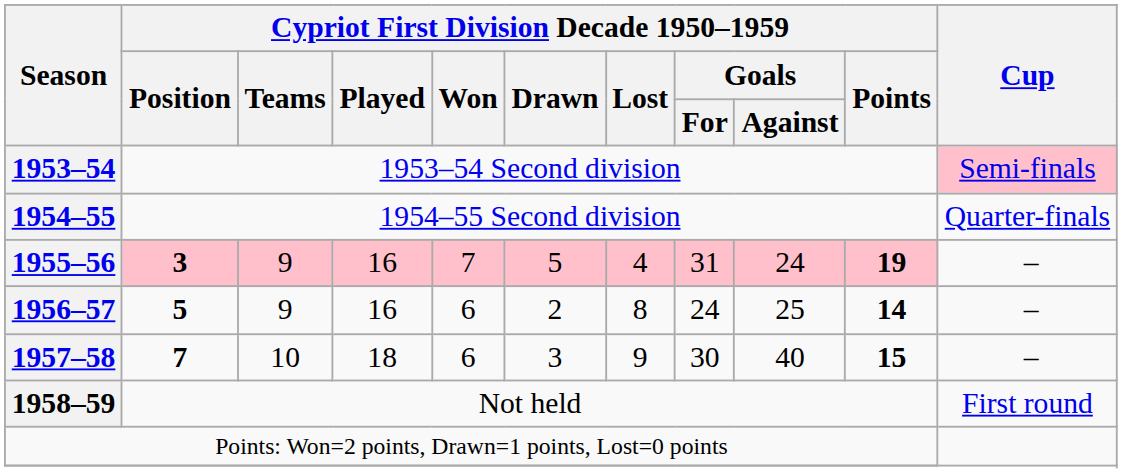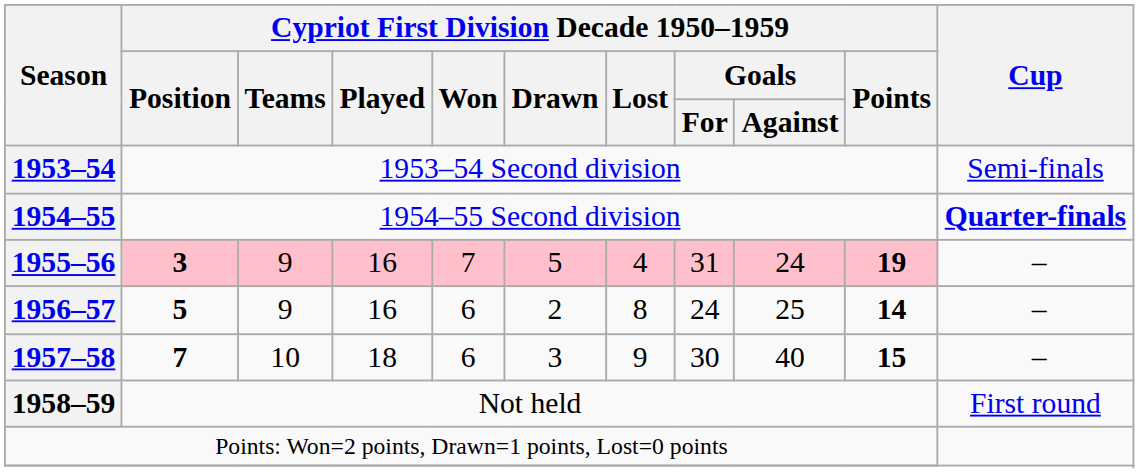 <table class="wikitable" style="text-align: center">
 <tr>
 <th rowspan=3>Season</th>
 <th colspan=9><a href='#'>Cypriot First Division</a> Decade 1950–1959</th>
 <th rowspan=3><a href='#'>Cup</a></th>
 </tr>
 <tr>
 <th rowspan=2>Position</th>
 <th rowspan=2>Teams</th>
 <th rowspan=2>Played</th>
 <th rowspan=2>Won</th>
 <th rowspan=2>Drawn</th>
 <th rowspan=2>Lost</th>
 <th colspan=2>Goals</th>
 <th rowspan=2>Points</th>
 </tr>
 <tr>
 <th>For</th>
 <th>Against</th>
 </tr>
 <tr>
 <th style="text-align: center;"><a href='#'>1953–54</a></th>
 <td style="text-align: center;" colspan=9><a href='#'>1953–54 Second division</a></td>
-<td style="background: pink;"><a href='#'>Semi-finals</a></td>
+<td><a href='#'>Semi-finals</a></td>
 </tr>
 <tr>
 <th style="text-align: center;"><a href='#'>1954–55</a></th>
 <td style="text-align: center;" colspan=9><a href='#'>1954–55 Second division</a></td>
-<td><a href='#'>Quarter-finals</a></td>
+<td><strong><a href='#'>Quarter-finals</a></strong></td>
 </tr>
 <tr>
 <th style="text-align: center;"><a href='#'>1955–56</a></th>
 <td style="text-align: center;" bgcolor=Pink><strong>3</strong></td>
 <td style="text-align: center;" bgcolor=Pink>9</td>
 <td style="text-align: center;" bgcolor=Pink>16</td>
 <td style="text-align: center;" bgcolor=Pink>7</td>
 <td style="text-align: center;" bgcolor=Pink>5</td>
 <td style="text-align: center;" bgcolor=Pink>4</td>
 <td style="text-align: center;" bgcolor=Pink>31</td>
 <td style="text-align: center;" bgcolor=Pink>24</td>
 <td style="text-align: center;" bgcolor=Pink><strong>19</strong></td>
 <td> –</td>
 </tr>
 <tr>
 <th style="text-align: center;"><a href='#'>1956–57</a></th>
 <td style="text-align: center;"><strong>5</strong></td>
 <td style="text-align: center;">9</td>
 <td style="text-align: center;">16</td>
 <td style="text-align: center;">6</td>
 <td style="text-align: center;">2</td>
 <td style="text-align: center;">8</td>
 <td style="text-align: center;">24</td>
 <td style="text-align: center;">25</td>
 <td style="text-align: center;"><strong>14</strong></td>
 <td> –</td>
 </tr>
 <tr>
 <th style="text-align: center;"><a href='#'>1957–58</a></th>
 <td style="text-align: center;"><strong>7</strong></td>
 <td style="text-align: center;">10</td>
 <td style="text-align: center;">18</td>
 <td style="text-align: center;">6</td>
 <td style="text-align: center;">3</td>
 <td style="text-align: center;">9</td>
 <td style="text-align: center;">30</td>
 <td style="text-align: center;">40</td>
 <td style="text-align: center;"><strong>15</strong></td>
 <td> –</td>
 </tr>
 <tr>
 <th style="text-align: center;">1958–59</th>
 <td style="text-align: center;" colspan=9>Not held</td>
 <td><a href='#'>First round</a></td>
 </tr>
 <tr>
 <td colspan=10 style="font-size:80%">Points: Won=2 points, Drawn=1 points, Lost=0 points</td>
 </tr>
 <tr>
 </tr>
 </table>
